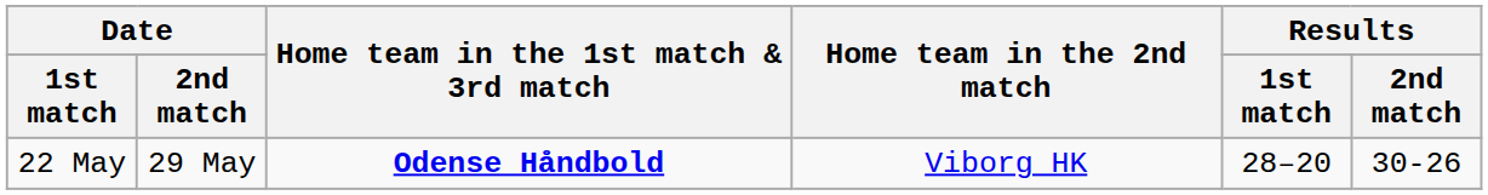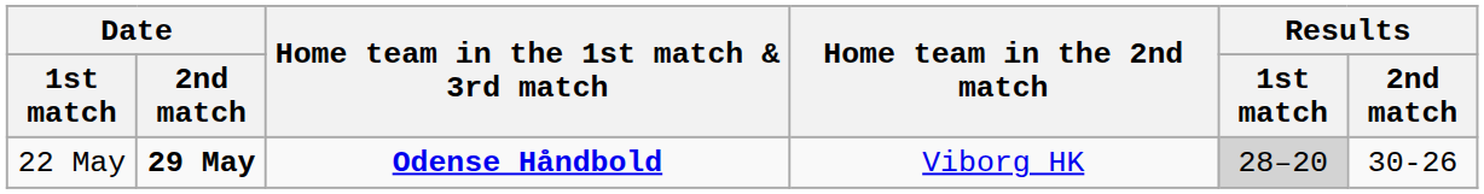 <table class="wikitable" style="text-align:center; margin-left:1em;">
 <tr>
 <th colspan="2">Date</th>
 <th rowspan="2" style="width:220px;">Home team in the 1st match & 3rd match</th>
 <th rowspan="2" style="width:180px;">Home team in the 2nd match</th>
 <th colspan="2">Results</th>
 </tr>
 <tr>
 <th style="width:50px;">1st match</th>
 <th style="width:50px;">2nd match</th>
 <th style="width:50px;">1st match</th>
 <th style="width:50px;">2nd match</th>
 </tr>
 <tr>
 <td>22 May</td>
-<td>29 May</td>
+<td><strong>29 May</strong></td>
 <td><strong><a href='#'>Odense Håndbold</a></strong></td>
 <td><a href='#'>Viborg HK</a></td>
-<td>28–20</td>
+<td style="background: lightgrey;">28–20</td>
 <td>30-26</td>
 </tr>
 </table>
